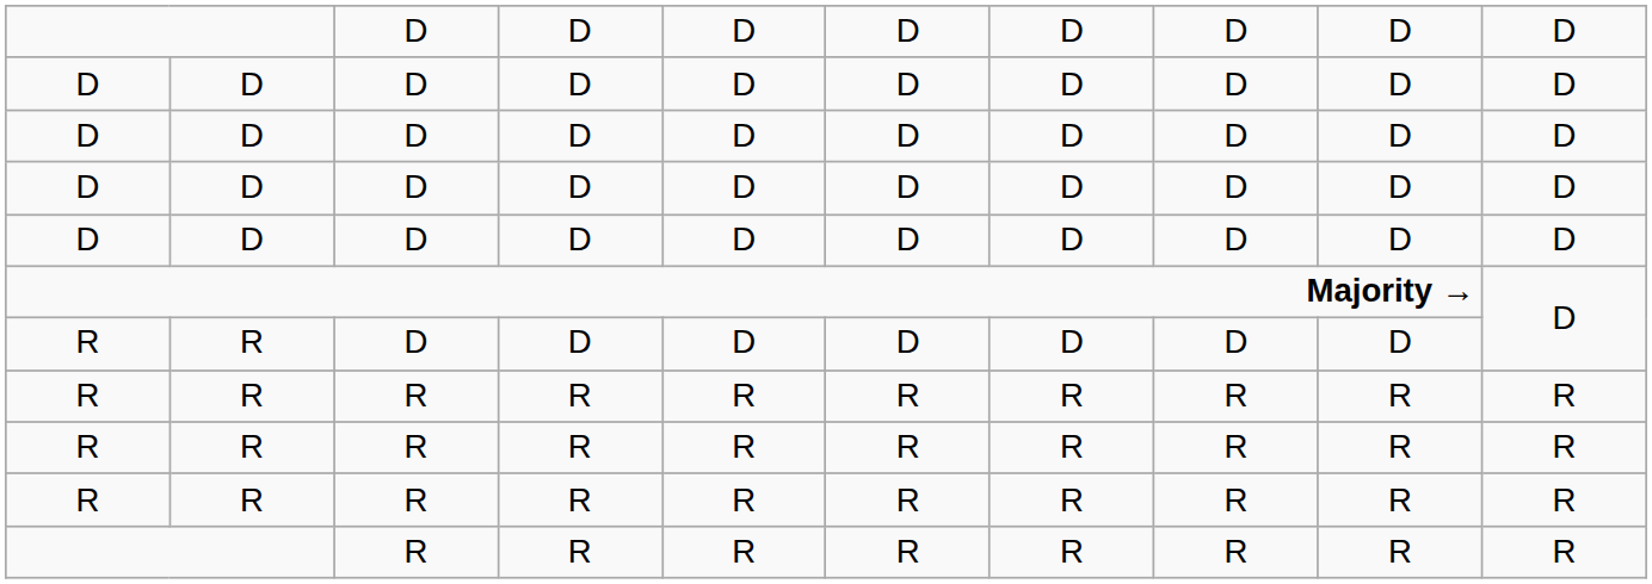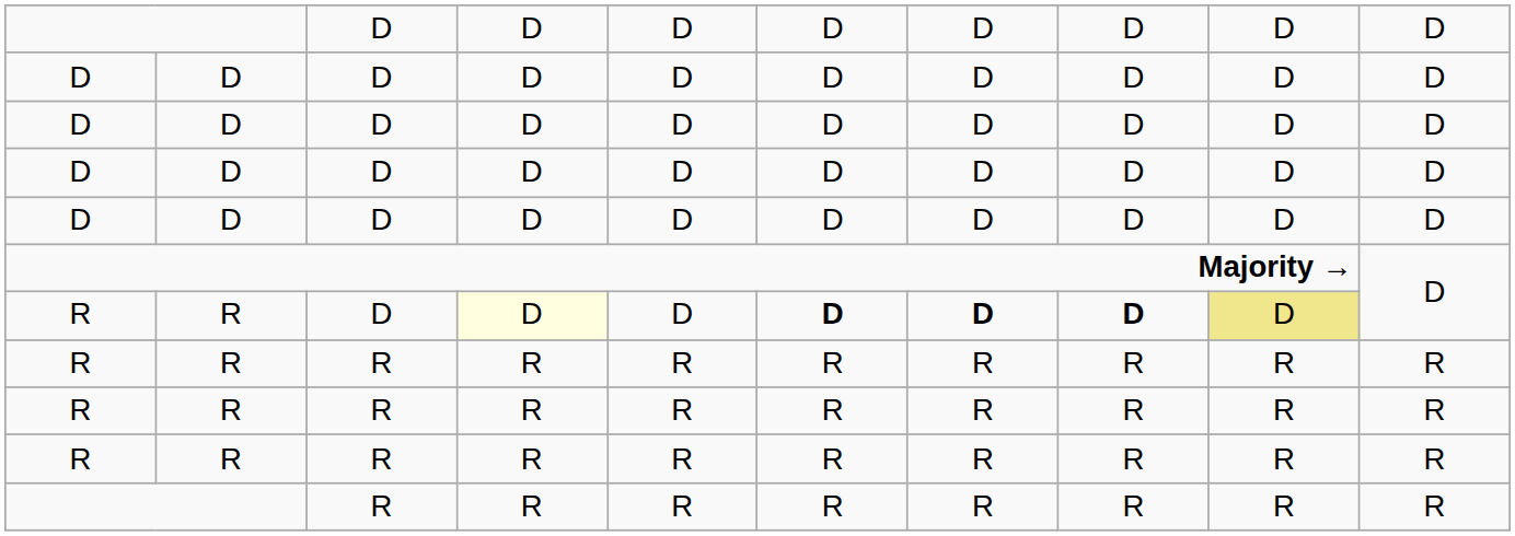 <table class="wikitable"  style="text-align:center; width:800px">
 <tr>
 <td colspan=2></td>
 <td>D</td>
 <td>D</td>
 <td>D</td>
 <td>D</td>
 <td>D</td>
 <td>D</td>
 <td>D</td>
 <td>D</td>
 </tr>
 <tr>
 <td width=50px >D</td>
 <td width=50px >D</td>
 <td width=50px >D</td>
 <td width=50px >D</td>
 <td width=50px >D</td>
 <td width=50px >D</td>
 <td width=50px >D</td>
 <td width=50px >D</td>
 <td width=50px >D</td>
 <td width=50px >D</td>
 </tr>
 <tr>
 <td>D</td>
 <td>D</td>
 <td>D</td>
 <td>D</td>
 <td>D</td>
 <td>D</td>
 <td>D</td>
 <td>D</td>
 <td>D</td>
 <td>D</td>
 </tr>
 <tr>
 <td>D</td>
 <td>D</td>
 <td>D</td>
 <td>D</td>
 <td>D</td>
 <td>D</td>
 <td>D</td>
 <td>D</td>
 <td>D</td>
 <td>D</td>
 </tr>
 <tr>
 <td>D</td>
 <td>D</td>
 <td>D</td>
 <td>D</td>
 <td>D</td>
 <td>D</td>
 <td>D</td>
 <td>D</td>
 <td>D</td>
 <td>D</td>
 </tr>
 <tr>
 <td colspan=9 style="text-align:right"><strong>Majority →</strong></td>
 <td rowspan=2 >D</td>
 </tr>
 <tr>
 <td>R</td>
 <td>R<br></td>
 <td>D</td>
+<td style="background: lightyellow;">D</td>
 <td>D</td>
-<td>D</td>
-<td>D</td>
-<td>D</td>
-<td>D</td>
-<td>D</td>
+<td><strong>D</strong></td>
+<td><strong>D</strong></td>
+<td><strong>D</strong></td>
+<td style="background: khaki;">D</td>
 </tr>
 <tr>
 <td>R</td>
 <td>R</td>
 <td>R</td>
 <td>R</td>
 <td>R</td>
 <td>R</td>
 <td>R</td>
 <td>R</td>
 <td>R</td>
 <td>R</td>
 </tr>
 <tr>
 <td>R</td>
 <td>R</td>
 <td>R</td>
 <td>R</td>
 <td>R</td>
 <td>R</td>
 <td>R</td>
 <td>R</td>
 <td>R</td>
 <td>R</td>
 </tr>
 <tr>
 <td>R</td>
 <td>R</td>
 <td>R</td>
 <td>R</td>
 <td>R</td>
 <td>R</td>
 <td>R</td>
 <td>R</td>
 <td>R</td>
 <td>R</td>
 </tr>
 <tr>
 <td colspan=2></td>
 <td>R</td>
 <td>R</td>
 <td>R</td>
 <td>R</td>
 <td>R</td>
 <td>R</td>
 <td>R</td>
 <td>R</td>
 </tr>
 </table>
